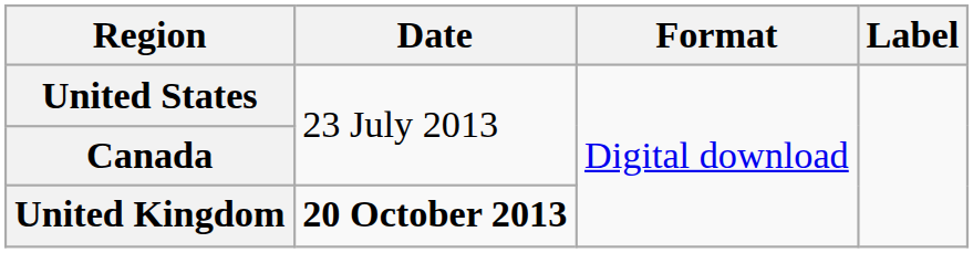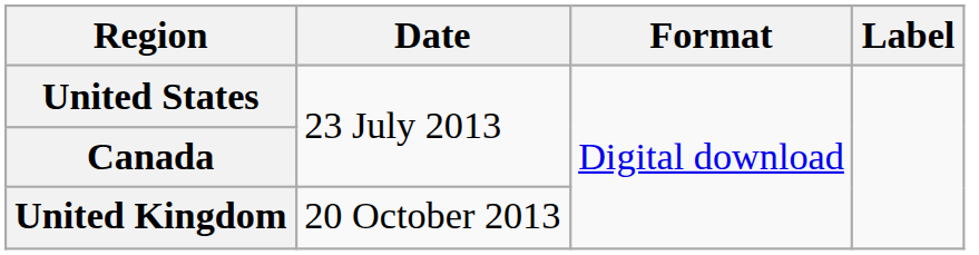 <table class="wikitable plainrowheaders">
 <tr>
 <th>Region</th>
 <th>Date</th>
 <th>Format</th>
 <th>Label</th>
 </tr>
 <tr>
 <th scope="row">United States</th>
 <td rowspan=2>23 July 2013</td>
 <td rowspan=3><a href='#'>Digital download</a></td>
 <td rowspan=3></td>
 </tr>
 <tr>
 <th scope="row">Canada</th>
 </tr>
 <tr>
 <th scope="row">United Kingdom</th>
-<td><strong>20 October 2013</strong></td>
+<td>20 October 2013</td>
 </tr>
 </table>
